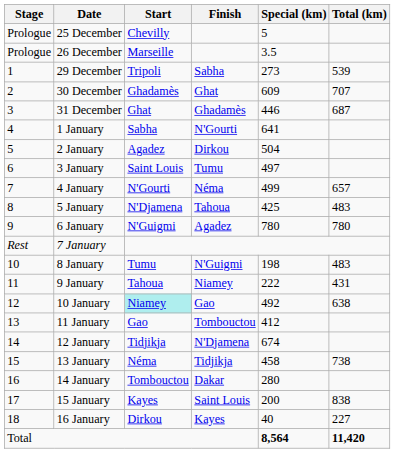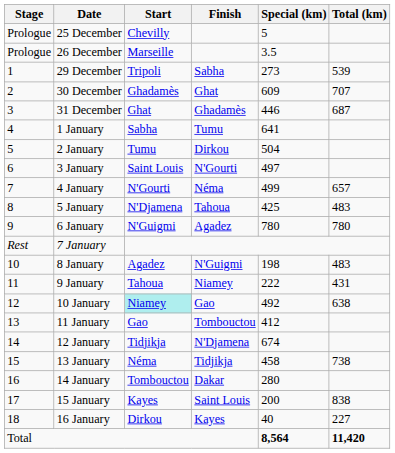 <table class="wikitable">
 <tr>
 <th>Stage</th>
 <th>Date</th>
 <th>Start</th>
 <th>Finish</th>
 <th>Special (km)</th>
 <th>Total (km)</th>
 </tr>
 <tr>
 <td>Prologue</td>
 <td>25 December</td>
 <td> <a href='#'>Chevilly</a></td>
 <td></td>
 <td>5</td>
 <td></td>
 </tr>
 <tr>
 <td>Prologue</td>
 <td>26 December</td>
 <td> <a href='#'>Marseille</a></td>
 <td></td>
 <td>3.5</td>
 <td></td>
 </tr>
 <tr>
 <td>1</td>
 <td>29 December</td>
 <td> <a href='#'>Tripoli</a></td>
 <td> <a href='#'>Sabha</a></td>
 <td>273</td>
 <td>539</td>
 </tr>
 <tr>
 <td>2</td>
 <td>30 December</td>
 <td> <a href='#'>Ghadamès</a></td>
 <td> <a href='#'>Ghat</a></td>
 <td>609</td>
 <td>707</td>
 </tr>
 <tr>
 <td>3</td>
 <td>31 December</td>
 <td> <a href='#'>Ghat</a></td>
 <td> <a href='#'>Ghadamès</a></td>
 <td>446</td>
 <td>687</td>
 </tr>
 <tr>
 <td>4</td>
 <td>1 January</td>
 <td> <a href='#'>Sabha</a></td>
-<td> <a href='#'>N'Gourti</a></td>
+<td> <a href='#'>Tumu</a></td>
 <td>641</td>
 <td></td>
 </tr>
 <tr>
 <td>5</td>
 <td>2 January</td>
-<td> <a href='#'>Agadez</a></td>
+<td> <a href='#'>Tumu</a></td>
 <td> <a href='#'>Dirkou</a></td>
 <td>504</td>
 <td></td>
 </tr>
 <tr>
 <td>6</td>
 <td>3 January</td>
 <td> <a href='#'>Saint Louis</a></td>
-<td> <a href='#'>Tumu</a></td>
+<td> <a href='#'>N'Gourti</a></td>
 <td>497</td>
 <td></td>
 </tr>
 <tr>
 <td>7</td>
 <td>4 January</td>
 <td> <a href='#'>N'Gourti</a></td>
 <td> <a href='#'>Néma</a></td>
 <td>499</td>
 <td>657</td>
 </tr>
 <tr>
 <td>8</td>
 <td>5 January</td>
 <td> <a href='#'>N'Djamena</a></td>
 <td> <a href='#'>Tahoua</a></td>
 <td>425</td>
 <td>483</td>
 </tr>
 <tr>
 <td>9</td>
 <td>6 January</td>
 <td> <a href='#'>N'Guigmi</a></td>
 <td> <a href='#'>Agadez</a></td>
 <td>780</td>
 <td>780</td>
 </tr>
 <tr>
 <td><em>Rest</em></td>
 <td><em>7 January</em></td>
 <td colspan="4"></td>
 </tr>
 <tr>
 <td>10</td>
 <td>8 January</td>
-<td> <a href='#'>Tumu</a></td>
+<td> <a href='#'>Agadez</a></td>
 <td> <a href='#'>N'Guigmi</a></td>
 <td>198</td>
 <td>483</td>
 </tr>
 <tr>
 <td>11</td>
 <td>9 January</td>
 <td> <a href='#'>Tahoua</a></td>
 <td> <a href='#'>Niamey</a></td>
 <td>222</td>
 <td>431</td>
 </tr>
 <tr>
 <td>12</td>
 <td>10 January</td>
 <td style="background: paleturquoise;"> <a href='#'>Niamey</a></td>
 <td> <a href='#'>Gao</a></td>
 <td>492</td>
 <td>638</td>
 </tr>
 <tr>
 <td>13</td>
 <td>11 January</td>
 <td> <a href='#'>Gao</a></td>
 <td> <a href='#'>Tombouctou</a></td>
 <td>412</td>
 <td></td>
 </tr>
 <tr>
 <td>14</td>
 <td>12 January</td>
 <td> <a href='#'>Tidjikja</a></td>
 <td> <a href='#'>N'Djamena</a></td>
 <td>674</td>
 <td></td>
 </tr>
 <tr>
 <td>15</td>
 <td>13 January</td>
 <td> <a href='#'>Néma</a></td>
 <td> <a href='#'>Tidjikja</a></td>
 <td>458</td>
 <td>738</td>
 </tr>
 <tr>
 <td>16</td>
 <td>14 January</td>
 <td> <a href='#'>Tombouctou</a></td>
 <td> <a href='#'>Dakar</a></td>
 <td>280</td>
 <td></td>
 </tr>
 <tr>
 <td>17</td>
 <td>15 January</td>
 <td> <a href='#'>Kayes</a></td>
 <td> <a href='#'>Saint Louis</a></td>
 <td>200</td>
 <td>838</td>
 </tr>
 <tr>
 <td>18</td>
 <td>16 January</td>
 <td> <a href='#'>Dirkou</a></td>
 <td> <a href='#'>Kayes</a></td>
 <td>40</td>
 <td>227</td>
 </tr>
 <tr>
 <td colspan=4>Total</td>
 <td><strong>8,564</strong></td>
 <td><strong>11,420</strong></td>
 </tr>
 </table>
